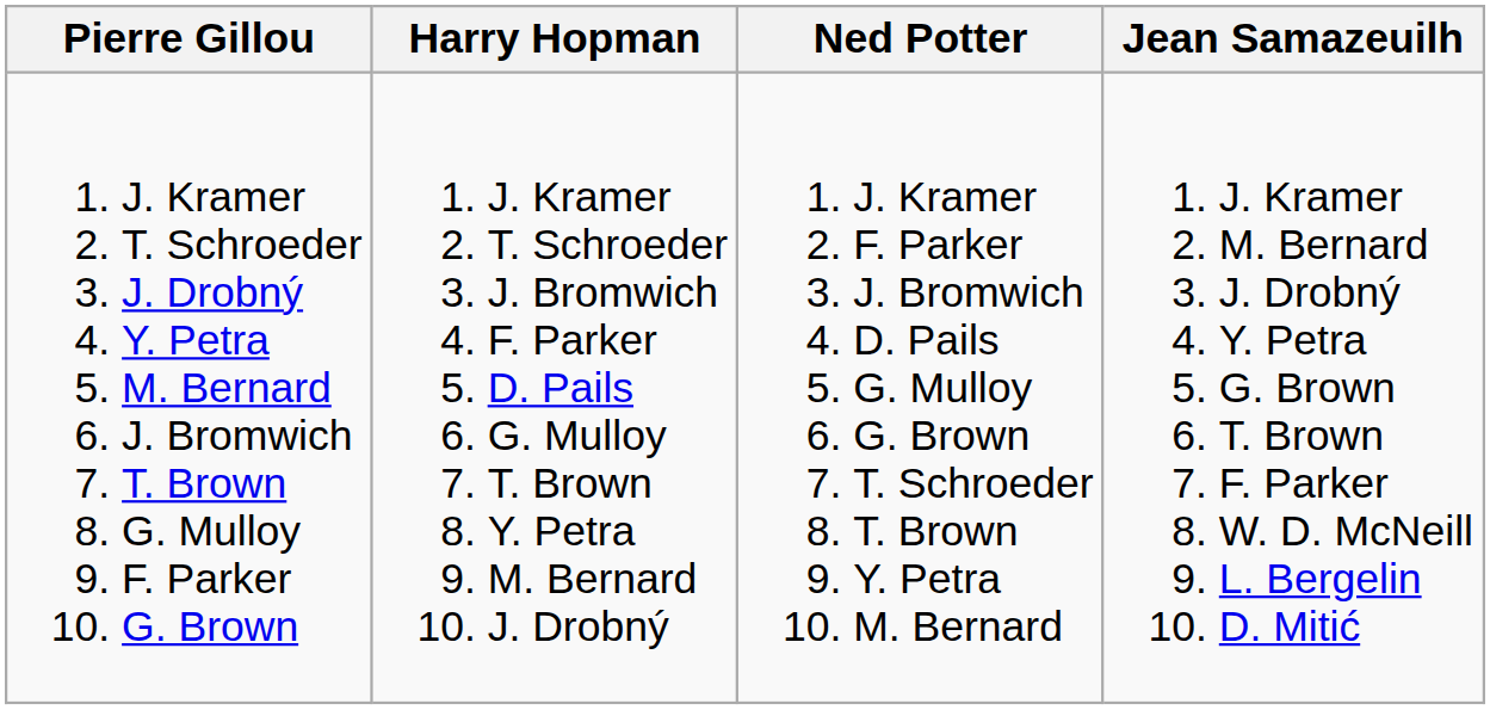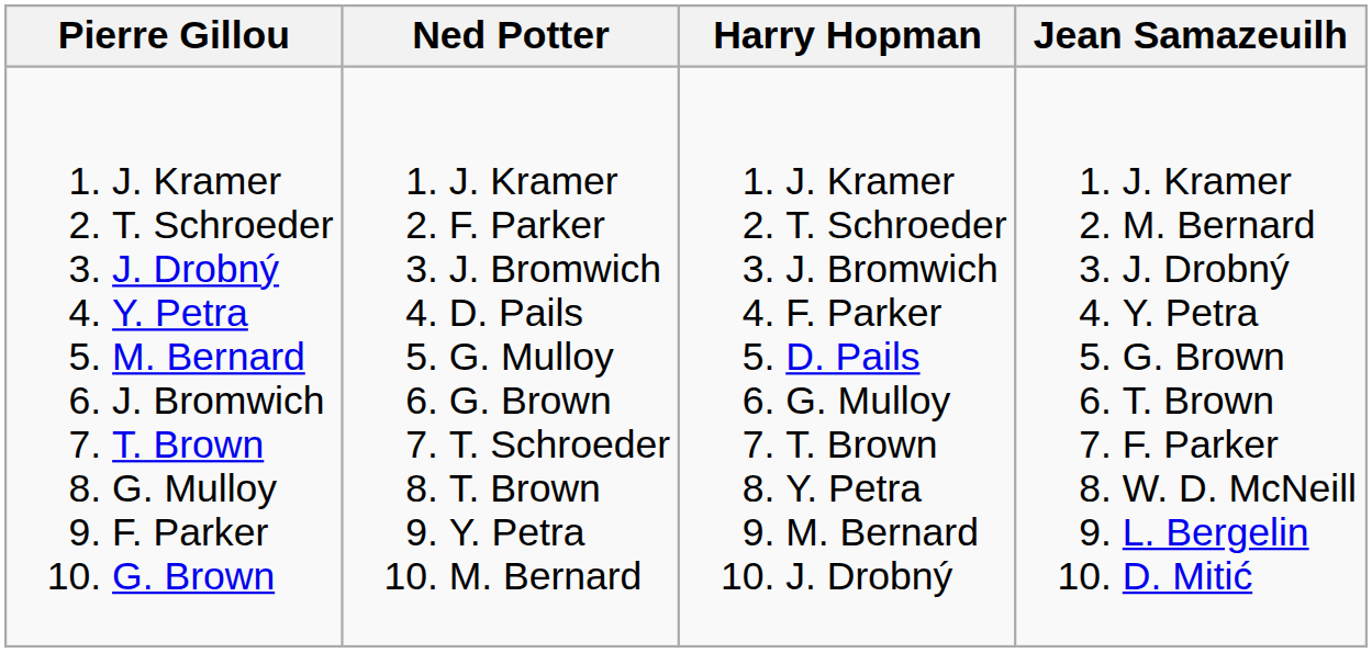 <table class="wikitable">
 <tr>
 <th>Pierre Gillou</th>
+<th>Ned Potter</th>
 <th>Harry Hopman</th>
-<th>Ned Potter</th>
 <th>Jean Samazeuilh</th>
 </tr>
 <tr style="vertical-align: top;">
 <td style="white-space: nowrap;"><br><ol><li> J. Kramer</li><li> T. Schroeder</li><li> <a href='#'>J. Drobný</a></li><li> <a href='#'>Y. Petra</a></li><li> <a href='#'>M. Bernard</a></li><li> J. Bromwich</li><li> <a href='#'>T. Brown</a></li><li> G. Mulloy</li><li> F. Parker</li><li> <a href='#'>G. Brown</a></li></ol></td>
+<td style="white-space: nowrap;"><br><ol><li> J. Kramer</li><li> F. Parker</li><li> J. Bromwich</li><li> D. Pails</li><li> G. Mulloy</li><li> G. Brown</li><li> T. Schroeder</li><li> T. Brown</li><li> Y. Petra</li><li> M. Bernard</li></ol></td>
 <td style="white-space: nowrap;"><br><ol><li> J. Kramer</li><li> T. Schroeder</li><li> J. Bromwich</li><li> F. Parker</li><li> <a href='#'>D. Pails</a></li><li> G. Mulloy</li><li> T. Brown</li><li> Y. Petra</li><li> M. Bernard</li><li> J. Drobný</li></ol></td>
-<td style="white-space: nowrap;"><br><ol><li> J. Kramer</li><li> F. Parker</li><li> J. Bromwich</li><li> D. Pails</li><li> G. Mulloy</li><li> G. Brown</li><li> T. Schroeder</li><li> T. Brown</li><li> Y. Petra</li><li> M. Bernard</li></ol></td>
 <td style="white-space: nowrap;"><br><ol><li> J. Kramer</li><li> M. Bernard</li><li> J. Drobný</li><li> Y. Petra</li><li> G. Brown</li><li> T. Brown</li><li> F. Parker</li><li> W. D. McNeill</li><li> <a href='#'>L. Bergelin</a></li><li> <a href='#'>D. Mitić</a></li></ol></td>
 </tr>
 </table>
